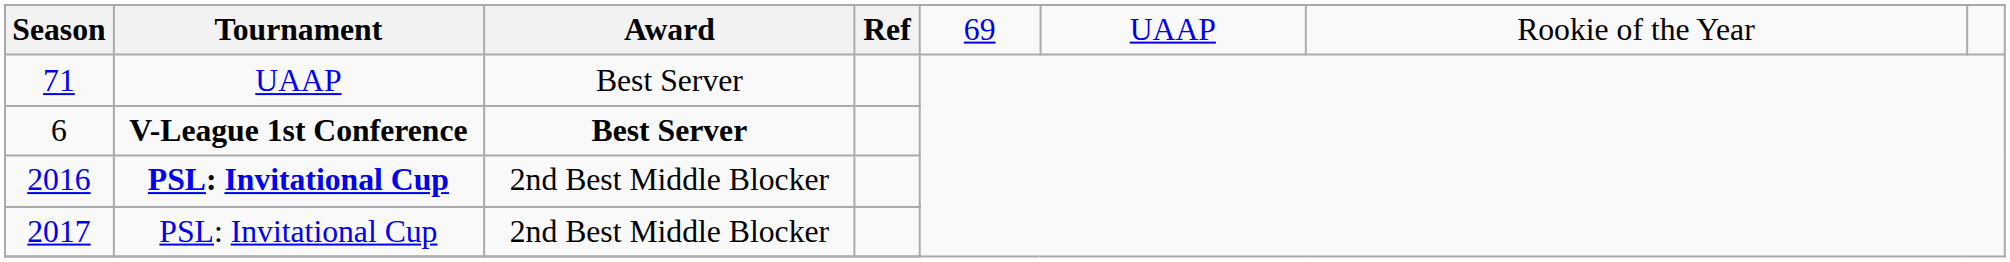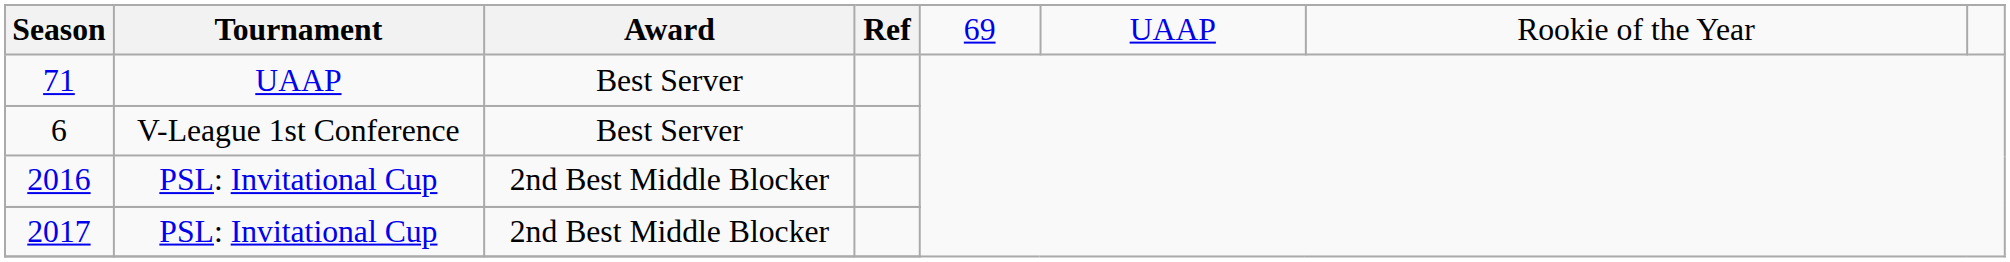 <table class="wikitable sortable" style="text-align:center" width="80%">
 <tr>
 <th style="width:25px;" rowspan="2">Season</th>
 <th style="width:180px;" rowspan="2">Tournament</th>
 <th style="width:180px;" rowspan="2">Award</th>
 <th style="width:25px;" rowspan="2">Ref</th>
 </tr>
 <tr>
 <td><a href='#'>69</a></td>
 <td><a href='#'>UAAP</a></td>
 <td>Rookie of the Year</td>
 <td></td>
 </tr>
 <tr>
 <td><a href='#'>71</a></td>
 <td><a href='#'>UAAP</a></td>
 <td>Best Server</td>
 <td></td>
 </tr>
 <tr>
 <td>6</td>
-<td><strong>V-League 1st Conference</strong></td>
-<td><strong>Best Server</strong></td>
+<td>V-League 1st Conference</td>
+<td>Best Server</td>
 <td></td>
 </tr>
 <tr>
 <td><a href='#'>2016</a></td>
-<td><strong><a href='#'>PSL</a>: <a href='#'>Invitational Cup</a></strong></td>
+<td><a href='#'>PSL</a>: <a href='#'>Invitational Cup</a></td>
 <td>2nd Best Middle Blocker</td>
 <td></td>
 </tr>
 <tr>
 </tr>
 <tr>
 <td><a href='#'>2017</a></td>
 <td><a href='#'>PSL</a>: <a href='#'>Invitational Cup</a></td>
 <td>2nd Best Middle Blocker</td>
 <td></td>
 </tr>
 <tr>
 </tr>
 </table>
